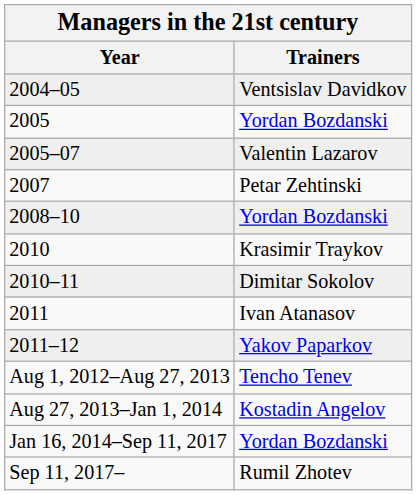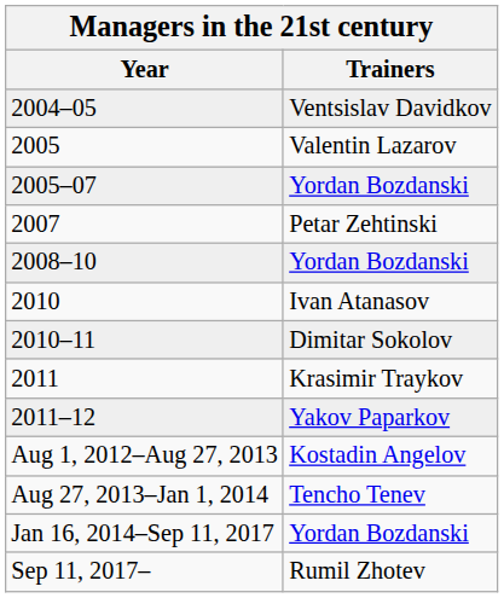 <table class="wikitable">
 <tr>
 <th colspan="5" style="text-align:center;"><big>Managers in the 21st century</big></th>
 </tr>
 <tr>
 <th style="text-align:center;">Year</th>
 <th style="text-align:center;">Trainers</th>
 </tr>
 <tr style="background:#efefef;">
 <td>2004–05</td>
 <td> Ventsislav Davidkov</td>
 </tr>
 <tr>
 <td>2005</td>
-<td> <a href='#'>Yordan Bozdanski</a></td>
+<td> Valentin Lazarov</td>
 </tr>
 <tr style="background:#efefef;">
 <td>2005–07</td>
-<td> Valentin Lazarov</td>
+<td> <a href='#'>Yordan Bozdanski</a></td>
 </tr>
 <tr>
 <td>2007</td>
 <td> Petar Zehtinski</td>
 </tr>
 <tr style="background:#efefef;">
 <td>2008–10</td>
 <td> <a href='#'>Yordan Bozdanski</a></td>
 </tr>
 <tr>
 <td>2010</td>
-<td> Krasimir Traykov</td>
+<td> Ivan Atanasov</td>
 </tr>
 <tr style="background:#efefef;">
 <td>2010–11</td>
 <td> Dimitar Sokolov</td>
 </tr>
 <tr>
 <td>2011</td>
-<td> Ivan Atanasov</td>
+<td> Krasimir Traykov</td>
 </tr>
 <tr style="background:#efefef;">
 <td>2011–12</td>
 <td> <a href='#'>Yakov Paparkov</a></td>
 </tr>
 <tr>
 <td>Aug 1, 2012–Aug 27, 2013</td>
-<td> <a href='#'>Tencho Tenev</a></td>
+<td> <a href='#'>Kostadin Angelov</a></td>
 </tr>
 <tr>
 <td>Aug 27, 2013–Jan 1, 2014</td>
-<td> <a href='#'>Kostadin Angelov</a></td>
+<td> <a href='#'>Tencho Tenev</a></td>
 </tr>
 <tr>
 <td>Jan 16, 2014–Sep 11, 2017</td>
 <td> <a href='#'>Yordan Bozdanski</a></td>
 </tr>
 <tr>
 <td>Sep 11, 2017–</td>
 <td> Rumil Zhotev</td>
 </tr>
 </table>
